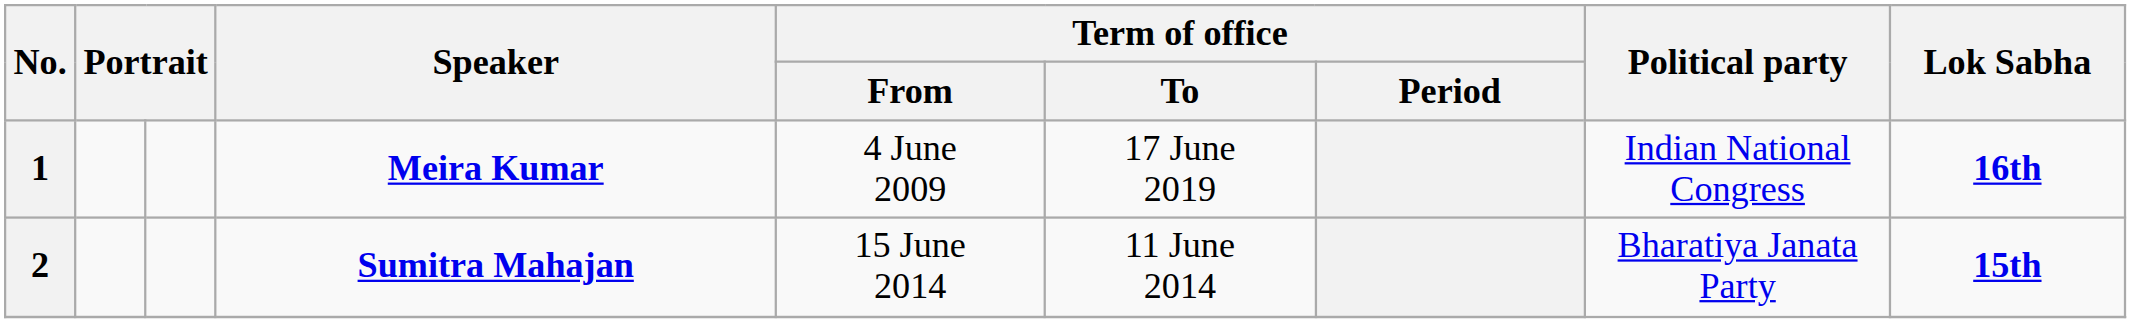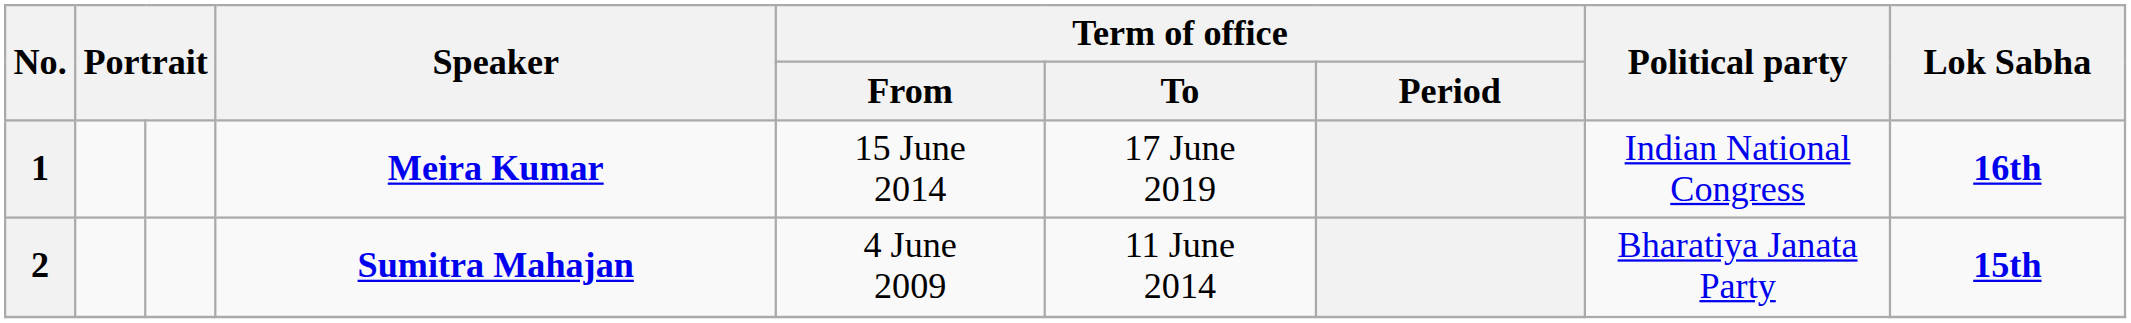 <table class="wikitable" style="text-align:center">
 <tr>
 <th rowspan="2">No.</th>
 <th colspan="2" rowspan="2">Portrait</th>
 <th rowspan="2" style="width:15em">Speaker<br></th>
 <th colspan="3">Term of office</th>
 <th rowspan="2" style="width:8em">Political party</th>
 <th rowspan="2" style="width:6em">Lok Sabha</th>
 </tr>
 <tr>
 <th style="width:7em">From</th>
 <th style="width:7em">To</th>
 <th style="width:7em">Period</th>
 </tr>
 <tr>
 <th>1</th>
 <td></td>
 <td></td>
 <td><strong><a href='#'>Meira Kumar</a></strong><br></td>
-<td>4 June<br>2009</td>
+<td>15 June<br>2014</td>
 <td>17 June<br>2019</td>
 <th></th>
 <td><a href='#'>Indian National Congress</a></td>
 <td><a href='#'><strong>16th</strong></a><br></td>
 </tr>
 <tr>
 <th>2</th>
 <td></td>
 <td></td>
 <td><strong><a href='#'>Sumitra Mahajan</a></strong><br></td>
-<td>15 June<br>2014</td>
+<td>4 June<br>2009</td>
 <td>11 June<br>2014</td>
 <th></th>
 <td rowspan="3"><a href='#'>Bharatiya Janata Party</a></td>
 <td><a href='#'><strong>15th</strong></a><br></td>
 </tr>
 <tr>
 </tr>
 </table>
